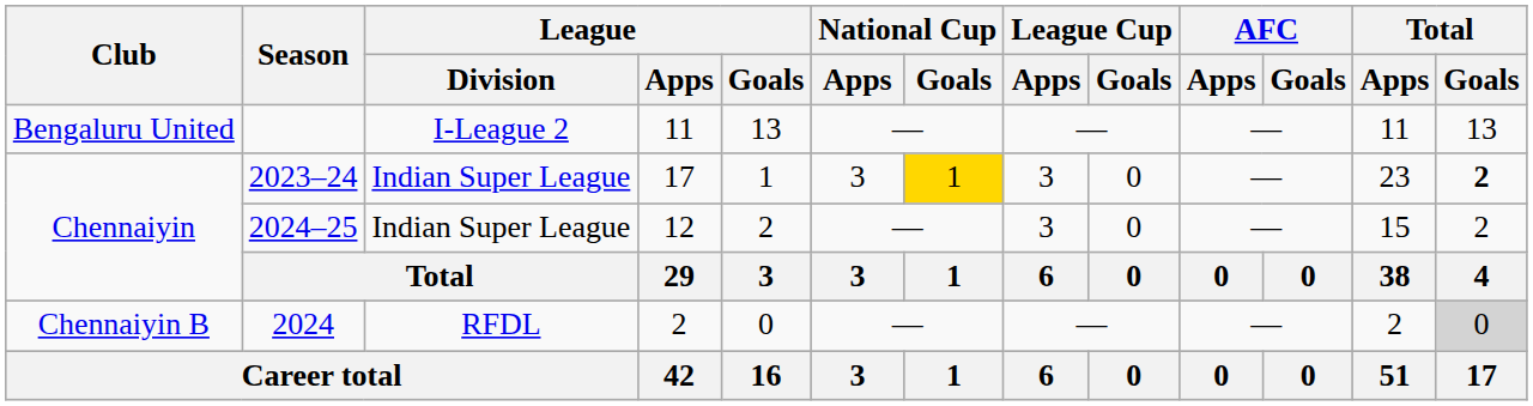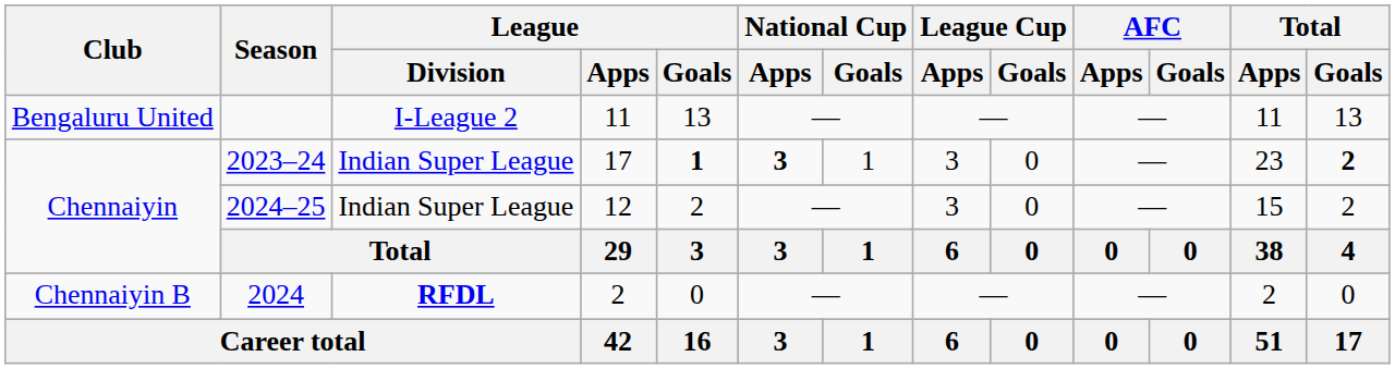 <table class="wikitable" style="text-align: center">
 <tr>
 <th rowspan="2">Club</th>
 <th rowspan="2">Season</th>
 <th colspan="3">League</th>
 <th colspan="2">National Cup</th>
 <th colspan="2">League Cup</th>
 <th colspan="2"><a href='#'>AFC</a></th>
 <th colspan="2">Total</th>
 </tr>
 <tr>
 <th>Division</th>
 <th>Apps</th>
 <th>Goals</th>
 <th>Apps</th>
 <th>Goals</th>
 <th>Apps</th>
 <th>Goals</th>
 <th>Apps</th>
 <th>Goals</th>
 <th>Apps</th>
 <th>Goals</th>
 </tr>
 <tr>
 <td rowspan="1"><a href='#'>Bengaluru United</a></td>
 <td></td>
 <td><a href='#'>I-League 2</a></td>
 <td>11</td>
 <td>13</td>
 <td colspan="2">—</td>
 <td colspan="2">—</td>
 <td colspan="2">—</td>
 <td>11</td>
 <td>13</td>
 </tr>
 <tr>
 <td rowspan="3"><a href='#'>Chennaiyin</a></td>
 <td><a href='#'>2023–24</a></td>
 <td><a href='#'>Indian Super League</a></td>
 <td>17</td>
+<td><strong>1</strong></td>
+<td><strong>3</strong></td>
 <td>1</td>
-<td>3</td>
-<td style="background: gold;">1</td>
 <td>3</td>
 <td>0</td>
 <td colspan="2">—</td>
 <td>23</td>
 <td><strong>2</strong></td>
 </tr>
 <tr>
 <td><a href='#'>2024–25</a></td>
 <td>Indian Super League</td>
 <td>12</td>
 <td>2</td>
 <td colspan="2">—</td>
 <td>3</td>
 <td>0</td>
 <td colspan="2">—</td>
 <td>15</td>
 <td>2</td>
 </tr>
 <tr>
 <th colspan="2">Total</th>
 <th>29</th>
 <th>3</th>
 <th>3</th>
 <th>1</th>
 <th>6</th>
 <th>0</th>
 <th>0</th>
 <th>0</th>
 <th>38</th>
 <th>4</th>
 </tr>
 <tr>
 <td><a href='#'>Chennaiyin B</a></td>
 <td><a href='#'>2024</a></td>
-<td><a href='#'>RFDL</a></td>
+<td><strong><a href='#'>RFDL</a></strong></td>
 <td>2</td>
 <td>0</td>
 <td colspan="2">—</td>
 <td colspan="2">—</td>
 <td colspan="2">—</td>
 <td>2</td>
-<td style="background: lightgrey;">0</td>
+<td>0</td>
 </tr>
 <tr>
 <th colspan="3">Career total</th>
 <th>42</th>
 <th>16</th>
 <th>3</th>
 <th>1</th>
 <th>6</th>
 <th>0</th>
 <th>0</th>
 <th>0</th>
 <th>51</th>
 <th>17</th>
 </tr>
 </table>
